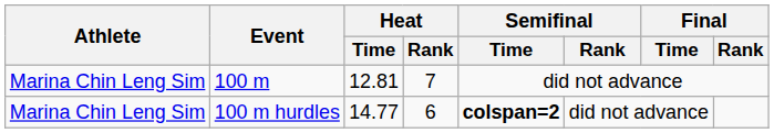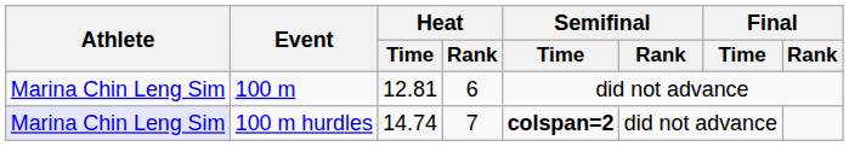 <table class="wikitable" style="font-size:90%">
 <tr>
 <th rowspan=2>Athlete</th>
 <th rowspan=2>Event</th>
 <th colspan=2>Heat</th>
 <th colspan=2>Semifinal</th>
 <th colspan=2>Final</th>
 </tr>
 <tr style="font-size:95%">
 <th>Time</th>
 <th>Rank</th>
 <th>Time</th>
 <th>Rank</th>
 <th>Time</th>
 <th>Rank</th>
 </tr>
 <tr align=center>
 <td align=left><a href='#'>Marina Chin Leng Sim</a></td>
 <td align=left><a href='#'>100 m</a></td>
 <td>12.81</td>
-<td>7</td>
+<td>6</td>
 <td colspan=4>did not advance</td>
 </tr>
 <tr align=center>
-<td align=left><a href='#'>Marina Chin Leng Sim</a></td>
+<td align=left style="background: lavender;"><a href='#'>Marina Chin Leng Sim</a></td>
 <td align=left><a href='#'>100 m hurdles</a></td>
-<td>14.77</td>
-<td>6</td>
+<td>14.74</td>
+<td>7</td>
 <td><strong>colspan=2 </strong></td>
 <td colspan=2>did not advance</td>
 </tr>
 </table>
